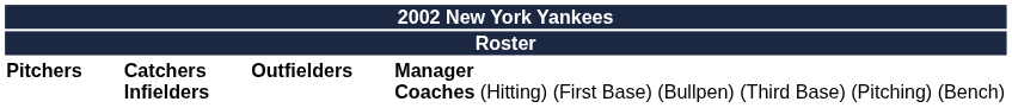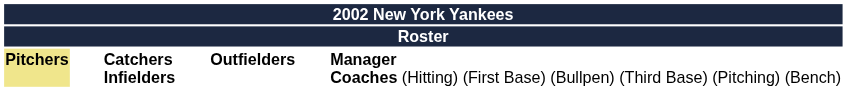 <table class="toccolours" style="font-size: 95%;">
 <tr>
 <th colspan="10" style="background:#1c2841; color:white; text-align:center;">2002 New York Yankees</th>
 </tr>
 <tr>
 <td colspan="10" style="background:#1c2841; color:white; text-align:center;"><strong>Roster</strong></td>
 </tr>
 <tr>
-<td valign="top"><strong>Pitchers</strong><br>                </td>
+<td valign="top" style="background: khaki;"><strong>Pitchers</strong><br>                </td>
 <td style="width:25px;"></td>
 <td valign="top"><strong>Catchers</strong><br>   <strong>Infielders</strong>         </td>
 <td style="width:25px;"></td>
 <td valign="top"><strong>Outfielders</strong><br>        </td>
 <td style="width:25px;"></td>
 <td valign="top"><strong>Manager</strong><br> <strong>Coaches</strong>  (Hitting)  (First Base)  (Bullpen)  (Third Base)  (Pitching)  (Bench)</td>
 </tr>
 </table>
